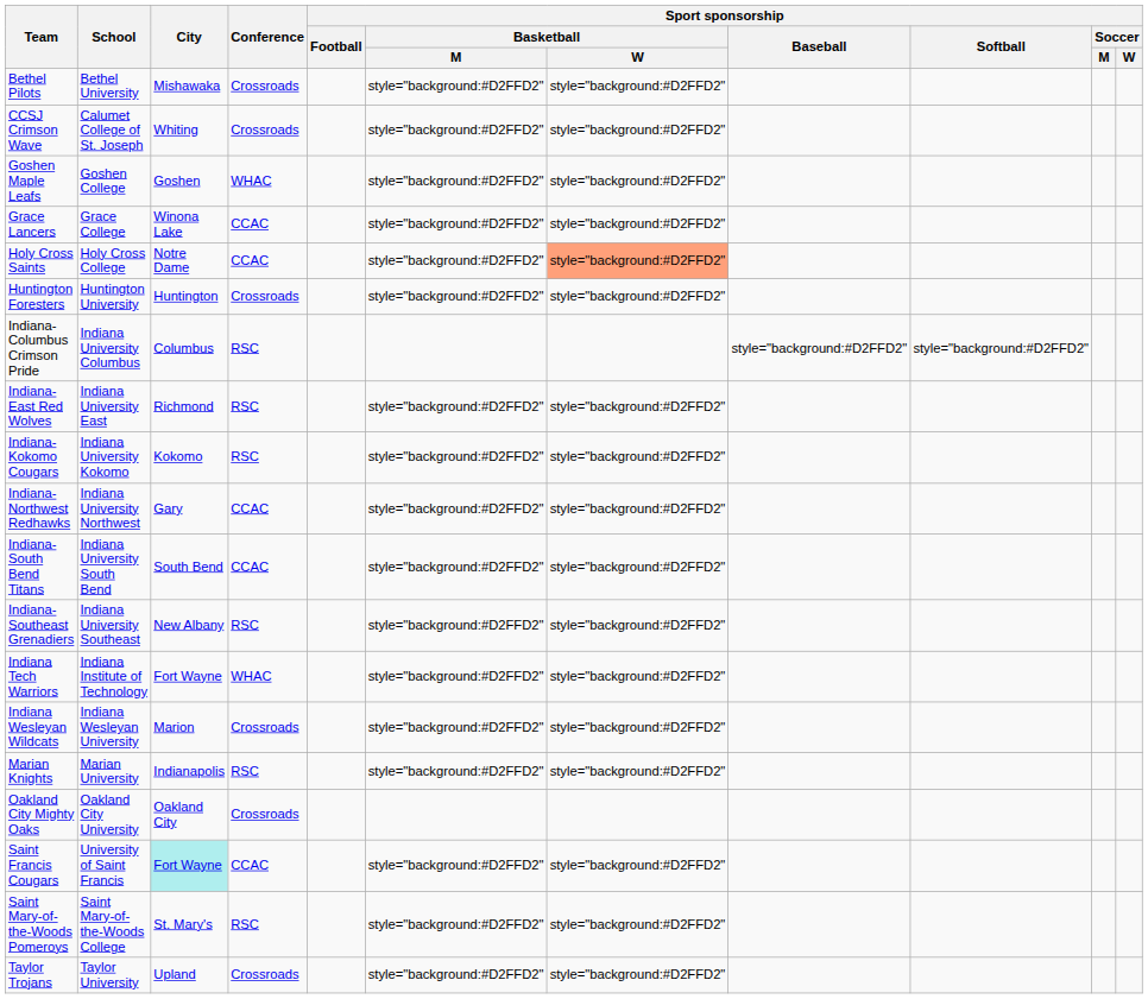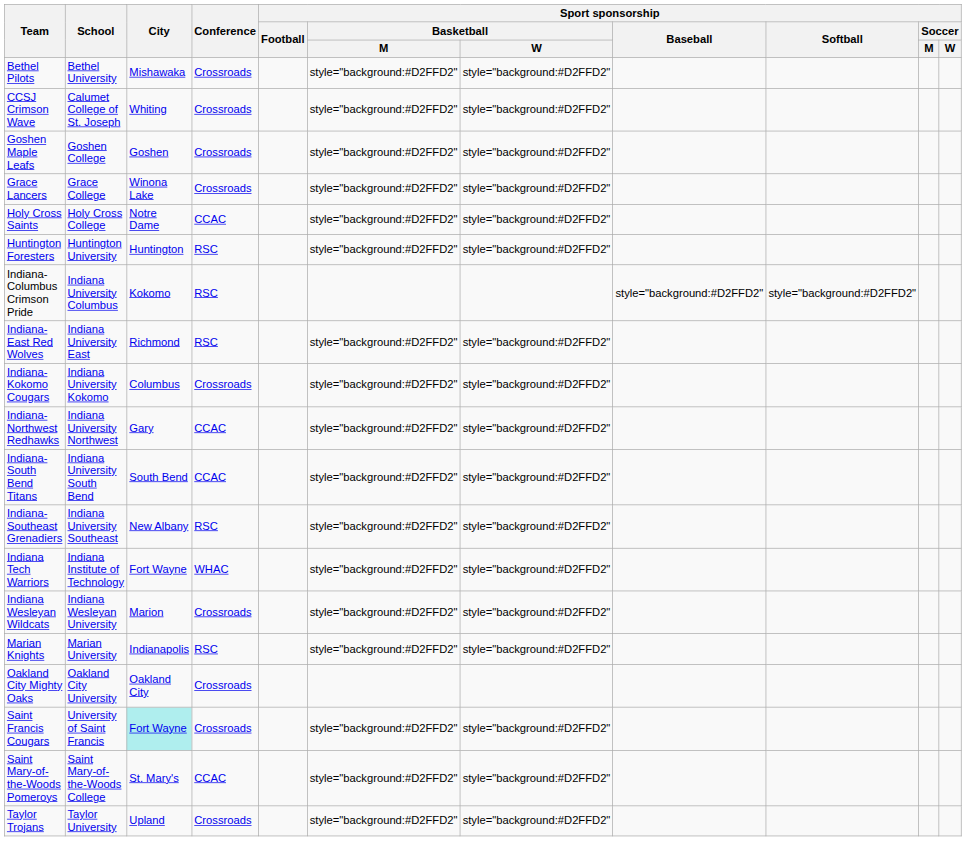 <table class="sortable wikitable">
 <tr>
 <th rowspan=3>Team</th>
 <th rowspan=3>School</th>
 <th rowspan=3>City</th>
 <th rowspan=3>Conference</th>
 <th colspan=7>Sport sponsorship</th>
 </tr>
 <tr>
 <th rowspan=2>Football</th>
 <th colspan=2>Basketball</th>
 <th rowspan=2>Baseball</th>
 <th rowspan=2>Softball</th>
 <th colspan=2>Soccer</th>
 </tr>
 <tr>
 <th>M</th>
 <th>W</th>
 <th>M</th>
 <th>W</th>
 </tr>
 <tr>
 <td><a href='#'>Bethel Pilots</a></td>
 <td><a href='#'>Bethel University</a></td>
 <td><a href='#'>Mishawaka</a></td>
 <td><a href='#'>Crossroads</a></td>
 <td></td>
 <td>style="background:#D2FFD2" </td>
 <td>style="background:#D2FFD2" </td>
 <td></td>
 <td></td>
 <td></td>
 <td></td>
 </tr>
 <tr>
 <td><a href='#'>CCSJ Crimson Wave</a></td>
 <td><a href='#'>Calumet College of St. Joseph</a></td>
 <td><a href='#'>Whiting</a></td>
 <td><a href='#'>Crossroads</a></td>
 <td> </td>
 <td>style="background:#D2FFD2" </td>
 <td>style="background:#D2FFD2" </td>
 <td></td>
 <td></td>
 <td></td>
 <td></td>
 </tr>
 <tr>
 <td><a href='#'>Goshen Maple Leafs</a></td>
 <td><a href='#'>Goshen College</a></td>
 <td><a href='#'>Goshen</a></td>
-<td><a href='#'>WHAC</a></td>
+<td><a href='#'>Crossroads</a></td>
 <td></td>
 <td>style="background:#D2FFD2" </td>
 <td>style="background:#D2FFD2" </td>
 <td></td>
 <td></td>
 <td></td>
 <td></td>
 </tr>
 <tr>
 <td><a href='#'>Grace Lancers</a></td>
 <td><a href='#'>Grace College</a></td>
 <td><a href='#'>Winona Lake</a></td>
-<td><a href='#'>CCAC</a></td>
+<td><a href='#'>Crossroads</a></td>
 <td></td>
 <td>style="background:#D2FFD2" </td>
 <td>style="background:#D2FFD2" </td>
 <td></td>
 <td></td>
 <td></td>
 <td></td>
 </tr>
 <tr>
 <td><a href='#'>Holy Cross Saints</a></td>
 <td><a href='#'>Holy Cross College</a></td>
 <td><a href='#'>Notre Dame</a></td>
 <td><a href='#'>CCAC</a></td>
 <td></td>
 <td>style="background:#D2FFD2" </td>
-<td style="background: lightsalmon;">style="background:#D2FFD2" </td>
+<td>style="background:#D2FFD2" </td>
 <td></td>
 <td></td>
 <td></td>
 <td></td>
 </tr>
 <tr>
 <td><a href='#'>Huntington Foresters</a></td>
 <td><a href='#'>Huntington University</a></td>
 <td><a href='#'>Huntington</a></td>
-<td><a href='#'>Crossroads</a></td>
+<td><a href='#'>RSC</a></td>
 <td></td>
 <td>style="background:#D2FFD2" </td>
 <td>style="background:#D2FFD2" </td>
 <td></td>
 <td></td>
 <td></td>
 <td></td>
 </tr>
 <tr>
 <td>Indiana-Columbus Crimson Pride</td>
 <td><a href='#'>Indiana University Columbus</a></td>
-<td><a href='#'>Columbus</a></td>
+<td><a href='#'>Kokomo</a></td>
 <td><a href='#'>RSC</a></td>
 <td></td>
 <td></td>
 <td></td>
 <td>style="background:#D2FFD2" </td>
 <td>style="background:#D2FFD2" </td>
 <td></td>
 <td></td>
 </tr>
 <tr>
 <td><a href='#'>Indiana-East Red Wolves</a></td>
 <td><a href='#'>Indiana University East</a></td>
 <td><a href='#'>Richmond</a></td>
 <td><a href='#'>RSC</a></td>
 <td></td>
 <td>style="background:#D2FFD2" </td>
 <td>style="background:#D2FFD2" </td>
 <td></td>
 <td></td>
 <td></td>
 <td></td>
 </tr>
 <tr>
 <td><a href='#'>Indiana-Kokomo Cougars</a></td>
 <td><a href='#'>Indiana University Kokomo</a></td>
-<td><a href='#'>Kokomo</a></td>
-<td><a href='#'>RSC</a></td>
+<td><a href='#'>Columbus</a></td>
+<td><a href='#'>Crossroads</a></td>
 <td></td>
 <td>style="background:#D2FFD2" </td>
 <td>style="background:#D2FFD2" </td>
 <td></td>
 <td></td>
 <td></td>
 <td></td>
 </tr>
 <tr>
 <td><a href='#'>Indiana-Northwest Redhawks</a></td>
 <td><a href='#'>Indiana University Northwest</a></td>
 <td><a href='#'>Gary</a></td>
 <td><a href='#'>CCAC</a></td>
 <td></td>
 <td>style="background:#D2FFD2" </td>
 <td>style="background:#D2FFD2" </td>
 <td></td>
 <td></td>
 <td></td>
 <td></td>
 </tr>
 <tr>
 <td><a href='#'>Indiana-South Bend Titans</a></td>
 <td><a href='#'>Indiana University South Bend</a></td>
 <td><a href='#'>South Bend</a></td>
 <td><a href='#'>CCAC</a></td>
 <td></td>
 <td>style="background:#D2FFD2" </td>
 <td>style="background:#D2FFD2" </td>
 <td></td>
 <td></td>
 <td></td>
 <td></td>
 </tr>
 <tr>
 <td><a href='#'>Indiana-Southeast Grenadiers</a></td>
 <td><a href='#'>Indiana University Southeast</a></td>
 <td><a href='#'>New Albany</a></td>
 <td><a href='#'>RSC</a></td>
 <td></td>
 <td>style="background:#D2FFD2" </td>
 <td>style="background:#D2FFD2" </td>
 <td></td>
 <td></td>
 <td></td>
 <td></td>
 </tr>
 <tr>
 <td><a href='#'>Indiana Tech Warriors</a></td>
 <td><a href='#'>Indiana Institute of Technology</a></td>
 <td><a href='#'>Fort Wayne</a></td>
 <td><a href='#'>WHAC</a></td>
 <td></td>
 <td>style="background:#D2FFD2" </td>
 <td>style="background:#D2FFD2" </td>
 <td></td>
 <td></td>
 <td></td>
 <td></td>
 </tr>
 <tr>
 <td><a href='#'>Indiana Wesleyan Wildcats</a></td>
 <td><a href='#'>Indiana Wesleyan University</a></td>
 <td><a href='#'>Marion</a></td>
 <td><a href='#'>Crossroads</a></td>
 <td> </td>
 <td>style="background:#D2FFD2" </td>
 <td>style="background:#D2FFD2" </td>
 <td></td>
 <td></td>
 <td></td>
 <td></td>
 </tr>
 <tr>
 <td><a href='#'>Marian Knights</a></td>
 <td><a href='#'>Marian University</a></td>
 <td><a href='#'>Indianapolis</a></td>
 <td><a href='#'>RSC</a></td>
 <td> </td>
 <td>style="background:#D2FFD2" </td>
 <td>style="background:#D2FFD2" </td>
 <td></td>
 <td></td>
 <td></td>
 <td></td>
 </tr>
 <tr>
 <td><a href='#'>Oakland City Mighty Oaks</a></td>
 <td><a href='#'>Oakland City University</a></td>
 <td><a href='#'>Oakland City</a></td>
 <td><a href='#'>Crossroads</a></td>
 <td> </td>
 <td></td>
 <td></td>
 <td></td>
 <td></td>
 <td></td>
 <td></td>
 </tr>
 <tr>
 <td><a href='#'>Saint Francis Cougars</a></td>
 <td><a href='#'>University of Saint Francis</a></td>
 <td style="background: paleturquoise;"><a href='#'>Fort Wayne</a></td>
-<td><a href='#'>CCAC</a></td>
+<td><a href='#'>Crossroads</a></td>
 <td> </td>
 <td>style="background:#D2FFD2" </td>
 <td>style="background:#D2FFD2" </td>
 <td></td>
 <td></td>
 <td></td>
 <td></td>
 </tr>
 <tr>
 <td><a href='#'>Saint Mary-of-the-Woods Pomeroys</a></td>
 <td><a href='#'>Saint Mary-of-the-Woods College</a></td>
 <td><a href='#'>St. Mary's</a></td>
-<td><a href='#'>RSC</a></td>
+<td><a href='#'>CCAC</a></td>
 <td> </td>
 <td>style="background:#D2FFD2" </td>
 <td>style="background:#D2FFD2" </td>
 <td></td>
 <td></td>
 <td></td>
 <td></td>
 </tr>
 <tr>
 <td><a href='#'>Taylor Trojans</a></td>
 <td><a href='#'>Taylor University</a></td>
 <td><a href='#'>Upland</a></td>
 <td><a href='#'>Crossroads</a></td>
 <td> </td>
 <td>style="background:#D2FFD2" </td>
 <td>style="background:#D2FFD2" </td>
 <td></td>
 <td></td>
 <td></td>
 <td></td>
 </tr>
 </table>
